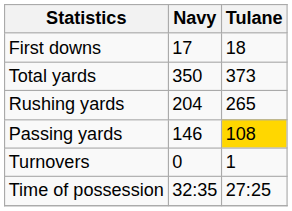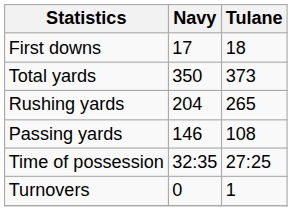 <table class="wikitable">
 <tr>
 <th>Statistics</th>
 <th>Navy</th>
 <th>Tulane</th>
 </tr>
 <tr>
 <td>First downs</td>
 <td>17</td>
 <td>18</td>
 </tr>
 <tr>
 <td>Total yards</td>
 <td>350</td>
 <td>373</td>
 </tr>
 <tr>
 <td>Rushing yards</td>
 <td>204</td>
 <td>265</td>
 </tr>
 <tr>
 <td>Passing yards</td>
 <td>146</td>
-<td style="background: gold;">108</td>
+<td>108</td>
+</tr>
+<tr>
+<td>Time of possession</td>
+<td>32:35</td>
+<td>27:25</td>
 </tr>
 <tr>
 <td>Turnovers</td>
 <td>0</td>
 <td>1</td>
 </tr>
 <tr>
-<td>Time of possession</td>
-<td>32:35</td>
-<td>27:25</td>
-</tr>
-<tr>
 </tr>
 </table>
